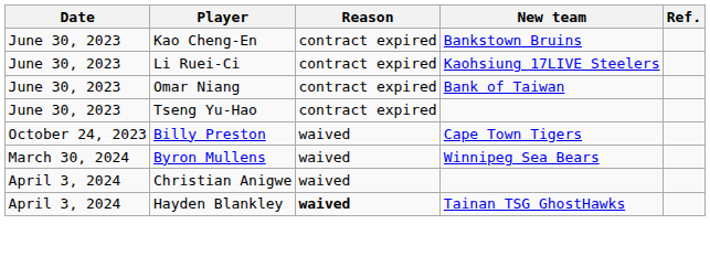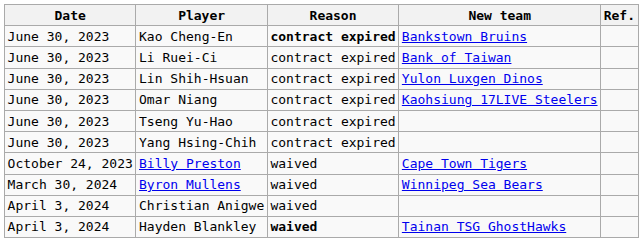 <table class="wikitable">
 <tr>
 <th>Date</th>
 <th>Player</th>
 <th>Reason</th>
 <th>New team</th>
 <th>Ref.</th>
 </tr>
 <tr>
 <td>June 30, 2023</td>
 <td>Kao Cheng-En</td>
-<td>contract expired</td>
+<td><strong>contract expired</strong></td>
 <td><a href='#'>Bankstown Bruins</a></td>
 <td></td>
 </tr>
 <tr>
 <td>June 30, 2023</td>
 <td>Li Ruei-Ci</td>
 <td>contract expired</td>
-<td><a href='#'>Kaohsiung 17LIVE Steelers</a></td>
+<td><a href='#'>Bank of Taiwan</a></td>
+<td></td>
+</tr>
+<tr>
+<td>June 30, 2023</td>
+<td>Lin Shih-Hsuan</td>
+<td>contract expired</td>
+<td><a href='#'>Yulon Luxgen Dinos</a></td>
 <td></td>
 </tr>
 <tr>
 <td>June 30, 2023</td>
 <td>Omar Niang</td>
 <td>contract expired</td>
-<td><a href='#'>Bank of Taiwan</a></td>
+<td><a href='#'>Kaohsiung 17LIVE Steelers</a></td>
 <td></td>
 </tr>
 <tr>
 <td>June 30, 2023</td>
 <td>Tseng Yu-Hao</td>
+<td>contract expired</td>
+<td></td>
+<td></td>
+</tr>
+<tr>
+<td>June 30, 2023</td>
+<td>Yang Hsing-Chih</td>
 <td>contract expired</td>
 <td></td>
 <td></td>
 </tr>
 <tr>
 <td>October 24, 2023</td>
 <td><a href='#'>Billy Preston</a></td>
 <td>waived</td>
 <td><a href='#'>Cape Town Tigers</a></td>
 <td></td>
 </tr>
 <tr>
 <td>March 30, 2024</td>
 <td><a href='#'>Byron Mullens</a></td>
 <td>waived</td>
 <td><a href='#'>Winnipeg Sea Bears</a></td>
 <td></td>
 </tr>
 <tr>
 <td>April 3, 2024</td>
 <td>Christian Anigwe</td>
 <td>waived</td>
 <td></td>
 <td></td>
 </tr>
 <tr>
 <td>April 3, 2024</td>
 <td>Hayden Blankley</td>
 <td><strong>waived</strong></td>
 <td><a href='#'>Tainan TSG GhostHawks</a></td>
 <td></td>
 </tr>
 <tr>
 </tr>
 </table>
